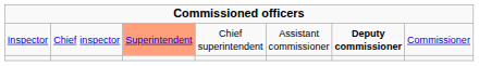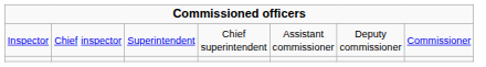 <table class="wikitable" style="text-align: center;">
 <tr>
 <td colspan="7"><strong>Commissioned officers</strong></td>
 </tr>
 <tr>
 <td><small><a href='#'>Inspector</a></small></td>
 <td><small><a href='#'>Chief</a></small> <small><a href='#'>inspector</a></small></td>
-<td style="background: lightsalmon;"><small><a href='#'>Superintendent</a></small></td>
+<td><small><a href='#'>Superintendent</a></small></td>
 <td><small>Chief<br> superintendent</small></td>
 <td><small>Assistant<br> commissioner</small></td>
-<td><strong><small>Deputy<br> commissioner</small></strong></td>
+<td><small>Deputy<br> commissioner</small></td>
 <td><small><a href='#'>Commissioner</a></small></td>
 </tr>
 <tr>
 <td></td>
 <td></td>
 <td></td>
 <td></td>
 <td></td>
 <td></td>
 <td></td>
 </tr>
 </table>
